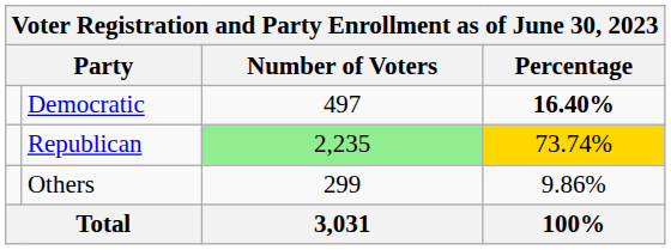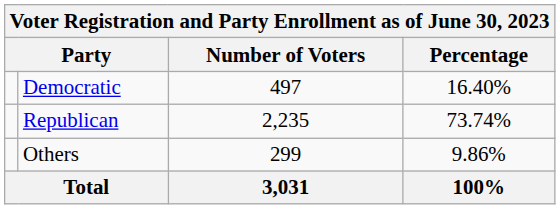 <table class=wikitable>
 <tr>
 <th colspan = 6>Voter Registration and Party Enrollment as of June 30, 2023</th>
 </tr>
 <tr>
 <th colspan = 2>Party</th>
 <th>Number of Voters</th>
 <th>Percentage</th>
 </tr>
 <tr>
 <td></td>
 <td><a href='#'>Democratic</a></td>
 <td align = center>497</td>
-<td align = center><strong>16.40%</strong></td>
+<td align = center>16.40%</td>
 </tr>
 <tr>
 <td></td>
 <td><a href='#'>Republican</a></td>
-<td align = center style="background: lightgreen;">2,235</td>
-<td align = center style="background: gold;">73.74%</td>
+<td align = center>2,235</td>
+<td align = center>73.74%</td>
 </tr>
 <tr>
 <td></td>
 <td>Others</td>
 <td align = center>299</td>
 <td align = center>9.86%</td>
 </tr>
 <tr>
 <th colspan = 2>Total</th>
 <th align = center>3,031</th>
 <th align = center>100%</th>
 </tr>
 </table>
